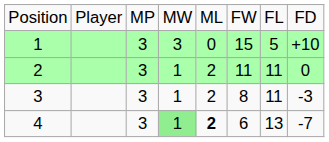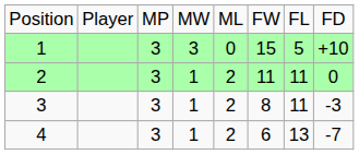 <table class="wikitable" style="text-align: center;">
 <tr>
 <td>Position</td>
 <td>Player</td>
 <td>MP</td>
 <td>MW</td>
 <td>ML</td>
 <td>FW</td>
 <td>FL</td>
 <td>FD</td>
 </tr>
 <tr style="background:#afa;">
 <td>1</td>
 <td style="text-align:left;"></td>
 <td>3</td>
 <td>3</td>
 <td>0</td>
 <td>15</td>
 <td>5</td>
 <td>+10</td>
 </tr>
 <tr style="background:#afa;">
 <td>2</td>
 <td style="text-align:left;"></td>
 <td>3</td>
 <td>1</td>
 <td>2</td>
 <td>11</td>
 <td>11</td>
 <td>0</td>
 </tr>
 <tr>
 <td>3</td>
 <td style="text-align:left;"></td>
 <td>3</td>
 <td>1</td>
 <td>2</td>
 <td>8</td>
 <td>11</td>
 <td>-3</td>
 </tr>
 <tr>
 <td>4</td>
 <td style="text-align:left;"></td>
 <td>3</td>
-<td style="background: lightgreen;">1</td>
-<td><strong>2</strong></td>
+<td>1</td>
+<td>2</td>
 <td>6</td>
 <td>13</td>
 <td>-7</td>
 </tr>
 </table>
